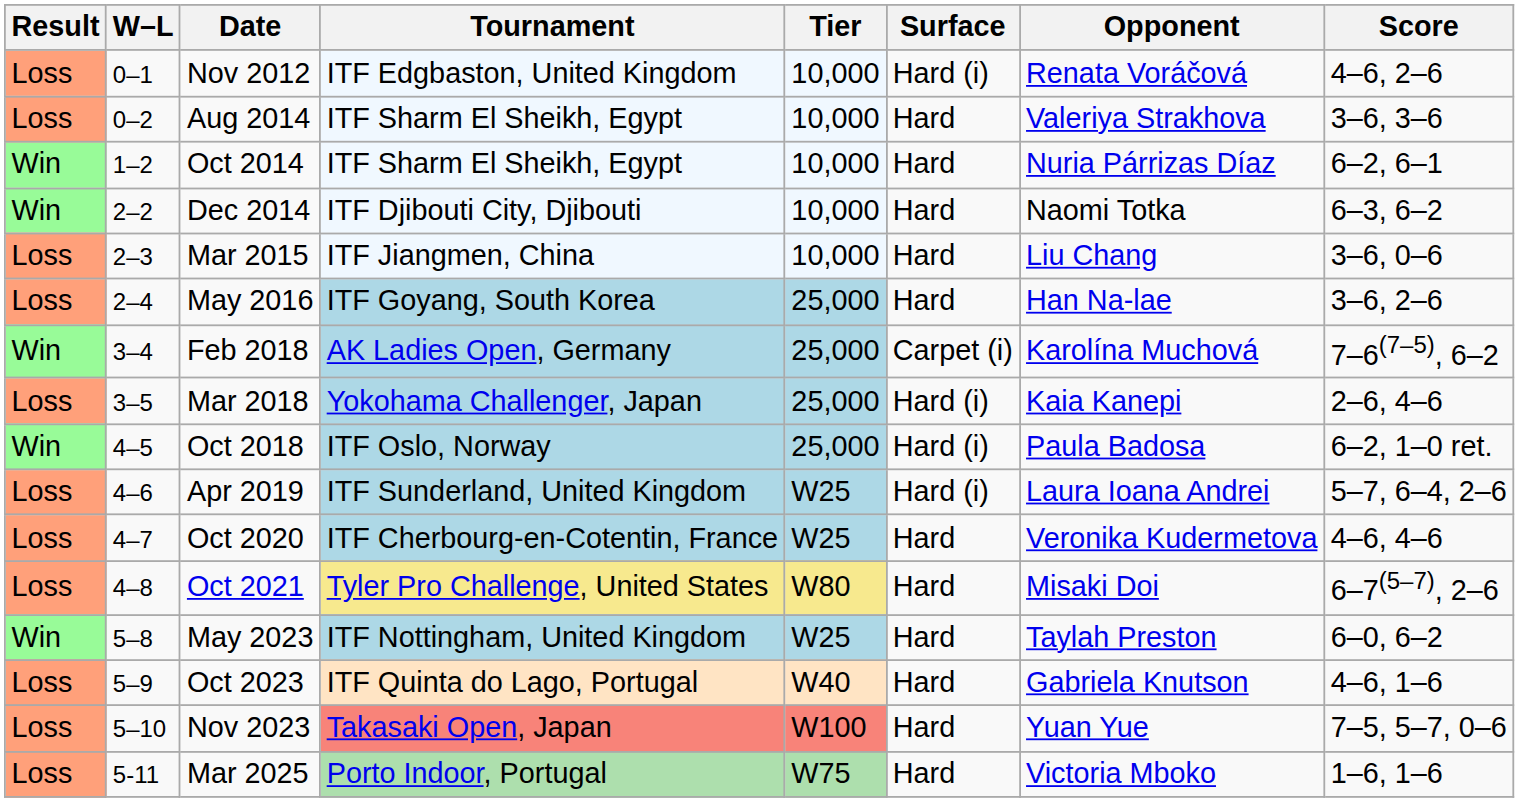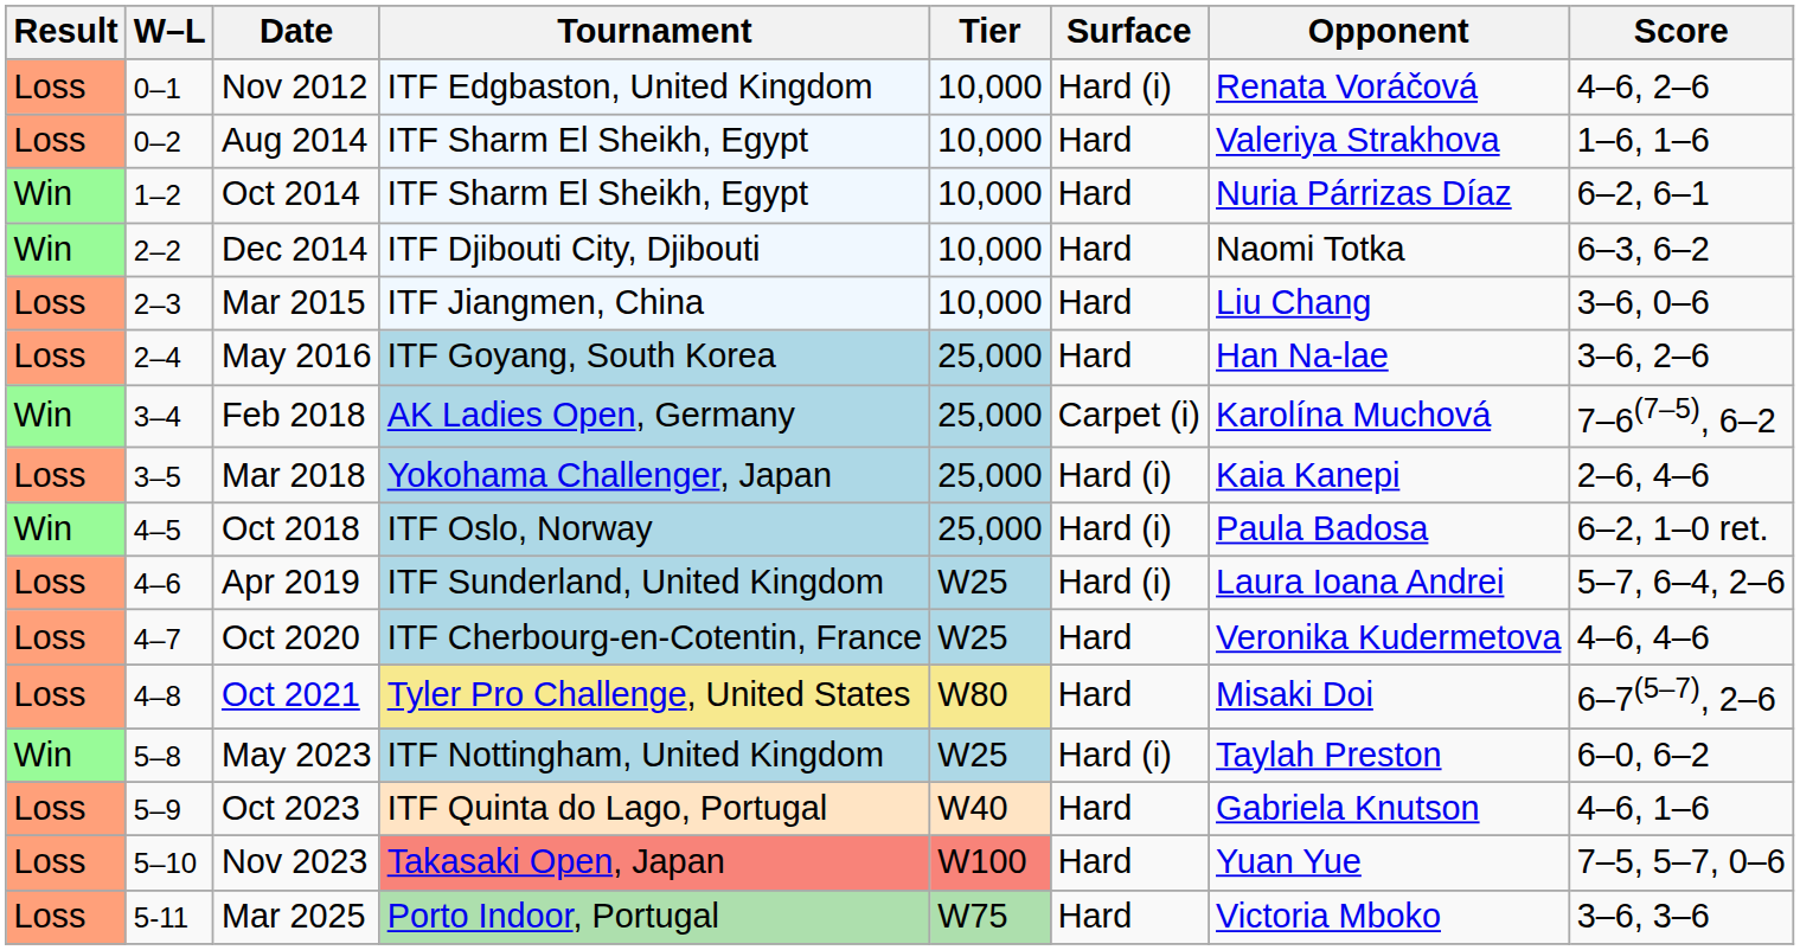 <table class="sortable wikitable">
 <tr>
 <th>Result</th>
 <th class="unsortable">W–L</th>
 <th>Date</th>
 <th>Tournament</th>
 <th>Tier</th>
 <th>Surface</th>
 <th>Opponent</th>
 <th class="unsortable">Score</th>
 </tr>
 <tr>
 <td style="background:#ffa07a;">Loss</td>
 <td><small>0–1</small></td>
 <td>Nov 2012</td>
 <td style="background:#f0f8ff">ITF Edgbaston, United Kingdom</td>
 <td style="background:#f0f8ff">10,000</td>
 <td>Hard (i)</td>
 <td> <a href='#'>Renata Voráčová</a></td>
 <td>4–6, 2–6</td>
 </tr>
 <tr>
 <td style="background:#ffa07a;">Loss</td>
 <td><small>0–2</small></td>
 <td>Aug 2014</td>
 <td style="background:#f0f8ff">ITF Sharm El Sheikh, Egypt</td>
 <td style="background:#f0f8ff">10,000</td>
 <td>Hard</td>
 <td> <a href='#'>Valeriya Strakhova</a></td>
-<td>3–6, 3–6</td>
+<td>1–6, 1–6</td>
 </tr>
 <tr>
 <td bgcolor="98FB98">Win</td>
 <td><small>1–2</small></td>
 <td>Oct 2014</td>
 <td style="background:#f0f8ff">ITF Sharm El Sheikh, Egypt</td>
 <td style="background:#f0f8ff">10,000</td>
 <td>Hard</td>
 <td> <a href='#'>Nuria Párrizas Díaz</a></td>
 <td>6–2, 6–1</td>
 </tr>
 <tr>
 <td bgcolor="98FB98">Win</td>
 <td><small>2–2</small></td>
 <td>Dec 2014</td>
 <td style="background:#f0f8ff">ITF Djibouti City, Djibouti</td>
 <td style="background:#f0f8ff">10,000</td>
 <td>Hard</td>
 <td> Naomi Totka</td>
 <td>6–3, 6–2</td>
 </tr>
 <tr>
 <td style="background:#ffa07a;">Loss</td>
 <td><small>2–3</small></td>
 <td>Mar 2015</td>
 <td style="background:#f0f8ff">ITF Jiangmen, China</td>
 <td style="background:#f0f8ff">10,000</td>
 <td>Hard</td>
 <td> <a href='#'>Liu Chang</a></td>
 <td>3–6, 0–6</td>
 </tr>
 <tr>
 <td style="background:#ffa07a;">Loss</td>
 <td><small>2–4</small></td>
 <td>May 2016</td>
 <td style="background:lightblue">ITF Goyang, South Korea</td>
 <td style="background:lightblue">25,000</td>
 <td>Hard</td>
 <td> <a href='#'>Han Na-lae</a></td>
 <td>3–6, 2–6</td>
 </tr>
 <tr>
 <td bgcolor="98FB98">Win</td>
 <td><small>3–4</small></td>
 <td>Feb 2018</td>
 <td style="background:lightblue"><a href='#'>AK Ladies Open</a>, Germany</td>
 <td style="background:lightblue">25,000</td>
 <td>Carpet (i)</td>
 <td> <a href='#'>Karolína Muchová</a></td>
 <td>7–6<sup>(7–5)</sup>, 6–2</td>
 </tr>
 <tr>
 <td style="background:#ffa07a;">Loss</td>
 <td><small>3–5</small></td>
 <td>Mar 2018</td>
 <td style="background:lightblue"><a href='#'>Yokohama Challenger</a>, Japan</td>
 <td style="background:lightblue">25,000</td>
 <td>Hard (i)</td>
 <td> <a href='#'>Kaia Kanepi</a></td>
 <td>2–6, 4–6</td>
 </tr>
 <tr>
 <td bgcolor="98FB98">Win</td>
 <td><small>4–5</small></td>
 <td>Oct 2018</td>
 <td style="background:lightblue">ITF Oslo, Norway</td>
 <td style="background:lightblue">25,000</td>
 <td>Hard (i)</td>
 <td> <a href='#'>Paula Badosa</a></td>
 <td>6–2, 1–0 ret.</td>
 </tr>
 <tr>
 <td style="background:#ffa07a;">Loss</td>
 <td><small>4–6</small></td>
 <td>Apr 2019</td>
 <td style="background:lightblue">ITF Sunderland, United Kingdom</td>
 <td style="background:lightblue">W25</td>
 <td>Hard (i)</td>
 <td> <a href='#'>Laura Ioana Andrei</a></td>
 <td>5–7, 6–4, 2–6</td>
 </tr>
 <tr>
 <td style="background:#ffa07a;">Loss</td>
 <td><small>4–7</small></td>
 <td>Oct 2020</td>
 <td style="background:lightblue">ITF Cherbourg-en-Cotentin, France</td>
 <td style="background:lightblue">W25</td>
 <td>Hard</td>
 <td> <a href='#'>Veronika Kudermetova</a></td>
 <td>4–6, 4–6</td>
 </tr>
 <tr>
 <td style="background:#ffa07a;">Loss</td>
 <td><small>4–8</small></td>
 <td><a href='#'>Oct 2021</a></td>
 <td style="background:#f7e98e"><a href='#'>Tyler Pro Challenge</a>, United States</td>
 <td style="background:#f7e98e">W80</td>
 <td>Hard</td>
 <td> <a href='#'>Misaki Doi</a></td>
 <td>6–7<sup>(5–7)</sup>, 2–6</td>
 </tr>
 <tr>
 <td bgcolor="98FB98">Win</td>
 <td><small>5–8</small></td>
 <td>May 2023</td>
 <td style="background:lightblue">ITF Nottingham, United Kingdom</td>
 <td style="background:lightblue">W25</td>
-<td>Hard</td>
+<td>Hard (i)</td>
 <td> <a href='#'>Taylah Preston</a></td>
 <td>6–0, 6–2</td>
 </tr>
 <tr>
 <td style="background:#ffa07a;">Loss</td>
 <td><small>5–9</small></td>
 <td>Oct 2023</td>
 <td style="background:#ffe4c4">ITF Quinta do Lago, Portugal</td>
 <td style="background:#ffe4c4">W40</td>
 <td>Hard</td>
 <td> <a href='#'>Gabriela Knutson</a></td>
 <td>4–6, 1–6</td>
 </tr>
 <tr>
 <td style="background:#ffa07a;">Loss</td>
 <td><small>5–10</small></td>
 <td>Nov 2023</td>
 <td style="background:#f88379;"><a href='#'>Takasaki Open</a>, Japan</td>
 <td style="background:#f88379;">W100</td>
 <td>Hard</td>
 <td> <a href='#'>Yuan Yue</a></td>
 <td>7–5, 5–7, 0–6</td>
 </tr>
 <tr>
 <td style="background:#ffa07a;">Loss</td>
 <td><small>5-11</small></td>
 <td>Mar 2025</td>
 <td style="background:#addfad;"><a href='#'>Porto Indoor</a>, Portugal</td>
 <td style="background:#addfad;">W75</td>
 <td>Hard</td>
 <td> <a href='#'>Victoria Mboko</a></td>
-<td>1–6, 1–6</td>
+<td>3–6, 3–6</td>
 </tr>
 </table>
